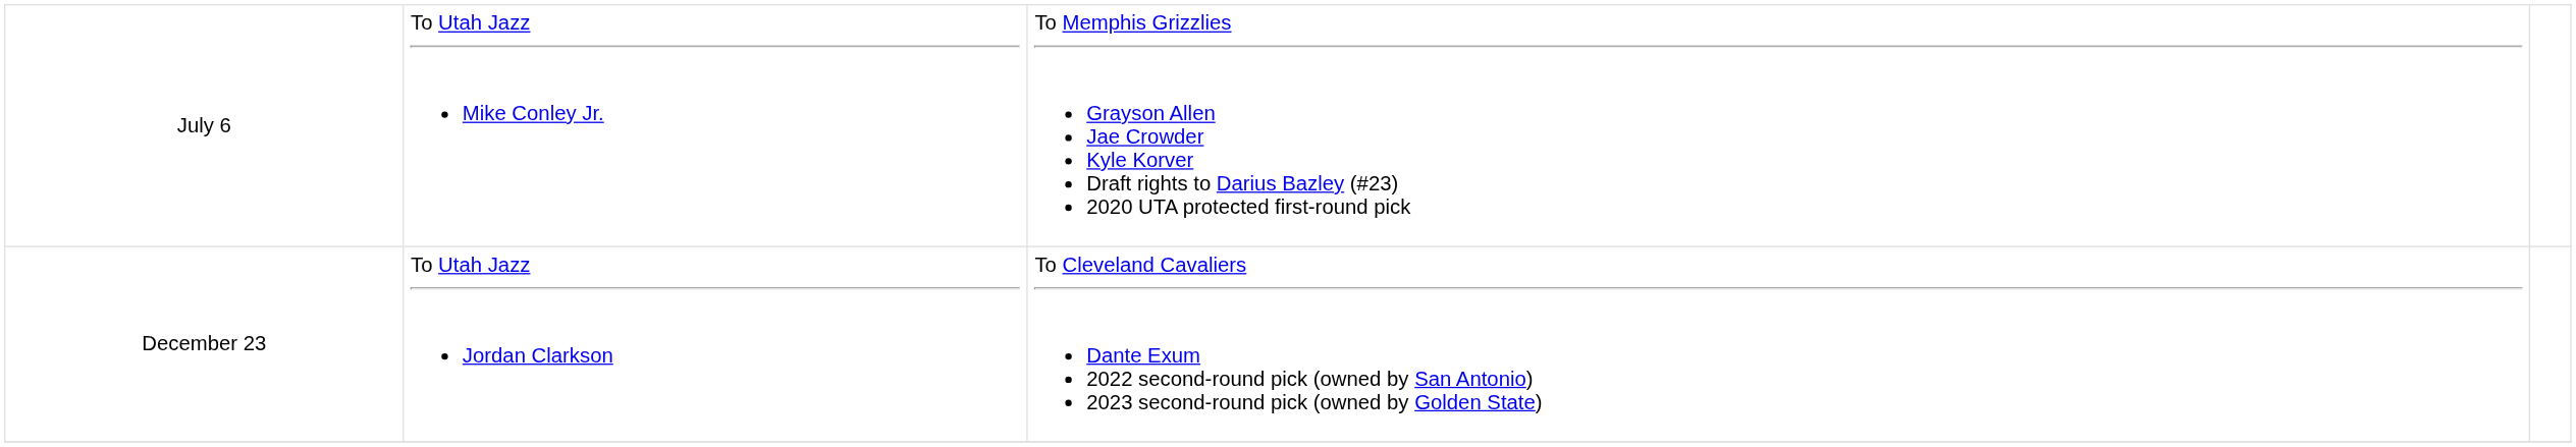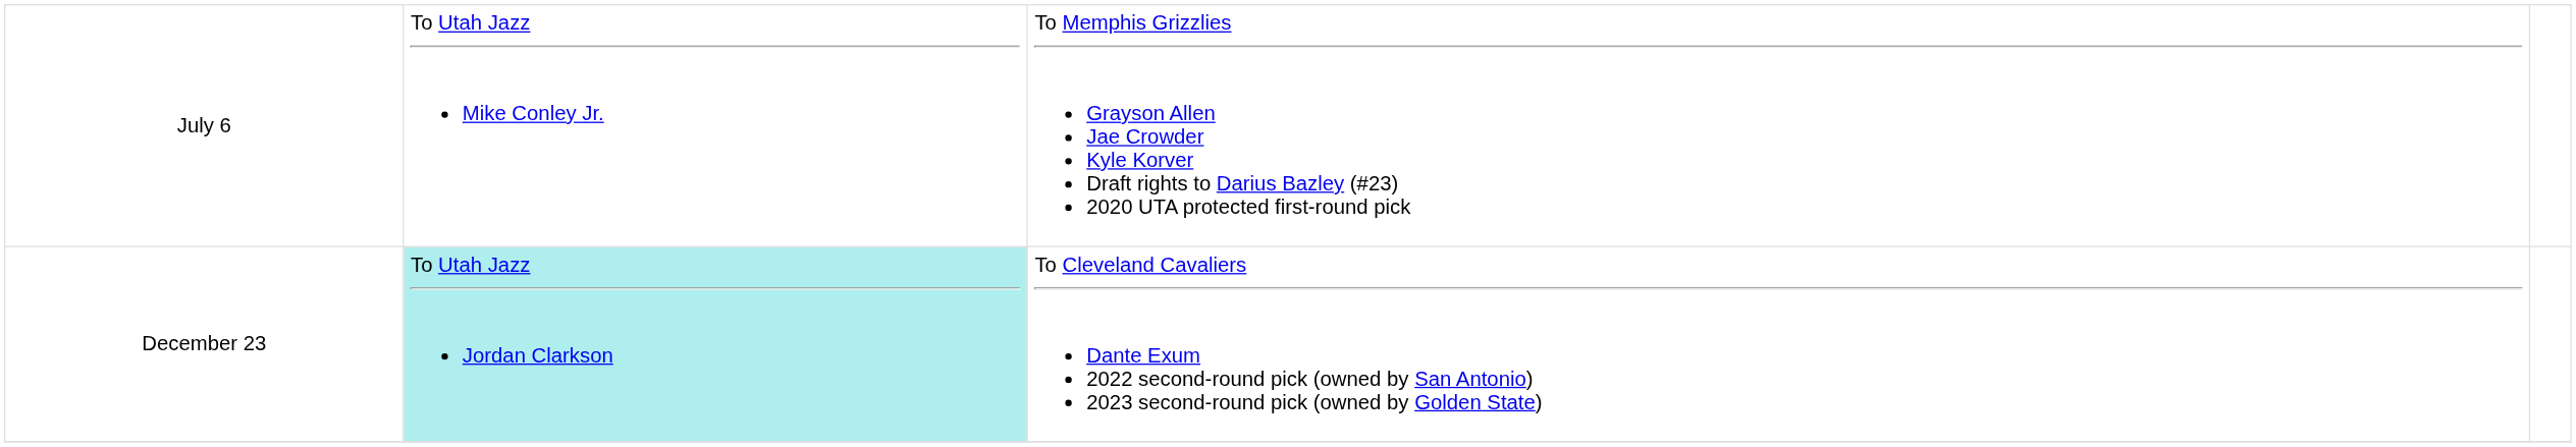 <table border=1 style="border-collapse:collapse; text-align: center; width: 100%" bordercolor="#DFDFDF"  cellpadding="5">
 <tr>
 <td>July 6</td>
 <td align="left" valign="top">To <a href='#'>Utah Jazz</a><hr><br><ul><li><a href='#'>Mike Conley Jr.</a></li></ul></td>
 <td align="left" valign="top">To <a href='#'>Memphis Grizzlies</a><hr><br><ul><li><a href='#'>Grayson Allen</a></li><li><a href='#'>Jae Crowder</a></li><li><a href='#'>Kyle Korver</a></li><li>Draft rights to <a href='#'>Darius Bazley</a> (#23)</li><li>2020 UTA protected first-round pick</li></ul></td>
 <td align="center"></td>
 </tr>
 <tr>
 <td>December 23</td>
-<td align="left" valign="top">To <a href='#'>Utah Jazz</a><hr><br><ul><li><a href='#'>Jordan Clarkson</a></li></ul></td>
+<td align="left" valign="top" style="background: paleturquoise;">To <a href='#'>Utah Jazz</a><hr><br><ul><li><a href='#'>Jordan Clarkson</a></li></ul></td>
 <td align="left" valign="top">To <a href='#'>Cleveland Cavaliers</a><hr><br><ul><li><a href='#'>Dante Exum</a></li><li>2022 second-round pick (owned by <a href='#'>San Antonio</a>)</li><li>2023 second-round pick (owned by <a href='#'>Golden State</a>)</li></ul></td>
 <td align="center"></td>
 </tr>
 <tr>
 </tr>
 </table>
